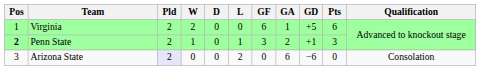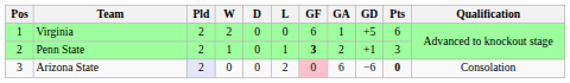 <table class="wikitable" style="text-align:center; margin: 1em auto">
 <tr>
 <th style="width:2em">Pos</th>
 <th style="width:13em">Team</th>
 <th style="width:2em">Pld</th>
 <th style="width:2em">W</th>
 <th style="width:2em">D</th>
 <th style="width:2em">L</th>
 <th style="width:2em">GF</th>
 <th style="width:2em">GA</th>
 <th style="width:2em">GD</th>
 <th style="width:2em">Pts</th>
 <th style="width:13em">Qualification</th>
 </tr>
 <tr bgcolor="#9eff9e">
 <td>1</td>
 <td style="text-align:left">Virginia</td>
 <td>2</td>
 <td>2</td>
 <td>0</td>
 <td>0</td>
 <td>6</td>
 <td>1</td>
 <td>+5</td>
 <td>6</td>
 <td rowspan="2">Advanced to knockout stage</td>
 </tr>
 <tr bgcolor="#9eff9e">
-<td><strong>2</strong></td>
+<td>2</td>
 <td style="text-align:left">Penn State</td>
 <td>2</td>
 <td>1</td>
 <td>0</td>
 <td>1</td>
-<td>3</td>
+<td><strong>3</strong></td>
 <td>2</td>
 <td>+1</td>
 <td>3</td>
 </tr>
 <tr>
 <td>3</td>
 <td style="text-align:left">Arizona State</td>
 <td style="background: lavender;">2</td>
 <td>0</td>
 <td>0</td>
 <td>2</td>
-<td>0</td>
+<td style="background: pink;">0</td>
 <td>6</td>
 <td>−6</td>
-<td>0</td>
+<td><strong>0</strong></td>
 <td>Consolation</td>
 </tr>
 </table>
